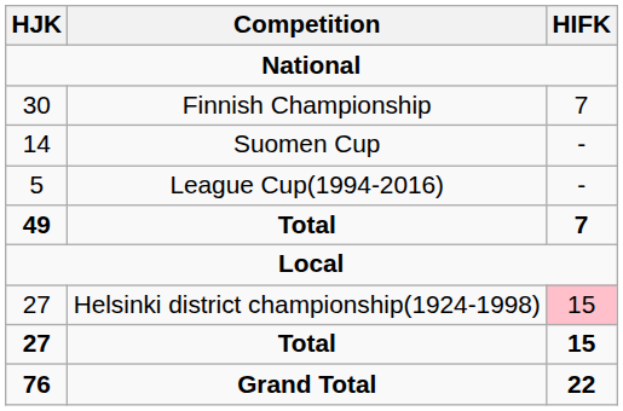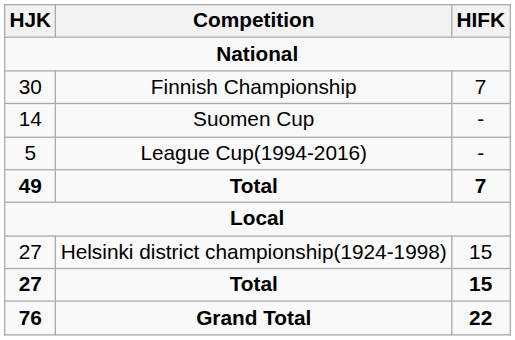 <table class="wikitable sortable">
 <tr>
 <th><span>HJK</span></th>
 <th>Competition</th>
 <th><span>HIFK</span></th>
 </tr>
 <tr style="text-align:center;">
 <td colspan="4"><strong>National</strong></td>
 </tr>
 <tr style="text-align:center;">
 <td>30</td>
 <td>Finnish Championship</td>
 <td>7</td>
 </tr>
 <tr style="text-align:center;">
 <td>14</td>
 <td>Suomen Cup</td>
 <td>-</td>
 </tr>
 <tr style="text-align:center;">
 <td>5</td>
 <td>League Cup(1994-2016)</td>
 <td>-</td>
 </tr>
 <tr style="text-align:center;">
 <td><strong>49</strong></td>
 <td><strong>Total</strong></td>
 <td><strong>7</strong></td>
 </tr>
 <tr style="text-align:center;">
 <td colspan="4"><strong>Local</strong></td>
 </tr>
 <tr style="text-align:center;">
 <td>27</td>
 <td>Helsinki district championship(1924-1998)</td>
-<td style="background: pink;">15</td>
+<td>15</td>
 </tr>
 <tr style="text-align:center;">
 <td><strong>27</strong></td>
 <td><strong>Total</strong></td>
 <td><strong>15</strong></td>
 </tr>
 <tr align="center">
 <td><strong>76</strong></td>
 <td><strong>Grand Total</strong></td>
 <td><strong>22</strong></td>
 </tr>
 </table>
